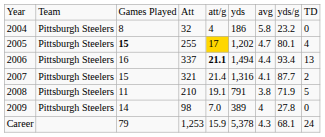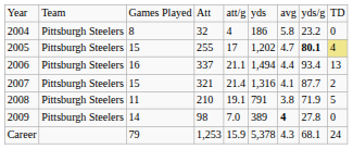 <table class="wikitable">
 <tr>
 <td>Year</td>
 <td>Team</td>
 <td>Games Played</td>
 <td>Att</td>
 <td>att/g</td>
 <td>yds</td>
 <td>avg</td>
 <td>yds/g</td>
 <td>TD</td>
 </tr>
 <tr>
 <td>2004</td>
 <td>Pittsburgh Steelers</td>
 <td>8</td>
 <td>32</td>
 <td>4</td>
 <td>186</td>
 <td>5.8</td>
 <td>23.2</td>
 <td>0</td>
 </tr>
 <tr>
 <td>2005</td>
 <td>Pittsburgh Steelers</td>
-<td><strong>15</strong></td>
+<td>15</td>
 <td>255</td>
-<td style="background: gold;">17</td>
+<td>17</td>
 <td>1,202</td>
 <td>4.7</td>
-<td>80.1</td>
-<td>4</td>
+<td><strong>80.1</strong></td>
+<td style="background: khaki;">4</td>
 </tr>
 <tr>
 <td>2006</td>
 <td>Pittsburgh Steelers</td>
 <td>16</td>
 <td>337</td>
-<td><strong>21.1</strong></td>
+<td>21.1</td>
 <td>1,494</td>
 <td>4.4</td>
 <td>93.4</td>
 <td>13</td>
 </tr>
 <tr>
 <td>2007</td>
 <td>Pittsburgh Steelers</td>
 <td>15</td>
 <td>321</td>
 <td>21.4</td>
 <td>1,316</td>
 <td>4.1</td>
 <td>87.7</td>
 <td>2</td>
 </tr>
 <tr>
 <td>2008</td>
 <td>Pittsburgh Steelers</td>
 <td>11</td>
 <td>210</td>
 <td>19.1</td>
 <td>791</td>
 <td>3.8</td>
 <td>71.9</td>
 <td>5</td>
 </tr>
 <tr>
 <td>2009</td>
 <td>Pittsburgh Steelers</td>
 <td>14</td>
 <td>98</td>
 <td>7.0</td>
 <td>389</td>
-<td>4</td>
+<td><strong>4</strong></td>
 <td>27.8</td>
 <td>0</td>
 </tr>
 <tr>
 <td>Career</td>
 <td></td>
 <td>79</td>
 <td>1,253</td>
 <td>15.9</td>
 <td>5,378</td>
 <td>4.3</td>
 <td>68.1</td>
 <td>24</td>
 </tr>
 </table>
